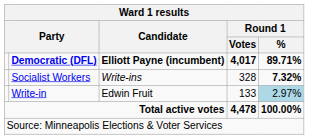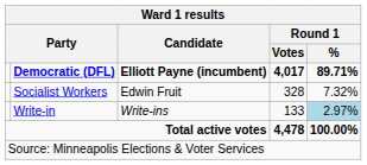 <table class="wikitable">
 <tr>
 <th colspan="5">Ward 1 results</th>
 </tr>
 <tr>
 <th rowspan="2" colspan="2">Party</th>
 <th rowspan="2">Candidate</th>
 <th colspan="2">Round 1</th>
 </tr>
 <tr>
 <th>Votes</th>
 <th>%</th>
 </tr>
 <tr>
 <td style="background-color:"></td>
 <td><strong><a href='#'>Democratic (DFL)</a></strong></td>
 <td><strong>Elliott Payne (incumbent)</strong></td>
 <td align="right"><strong>4,017</strong></td>
 <td align="right"><strong>89.71%</strong></td>
 </tr>
 <tr>
 <td style="background-color:"></td>
 <td><a href='#'>Socialist Workers</a></td>
-<td><em>Write-ins</em></td>
+<td>Edwin Fruit</td>
 <td align="right">328</td>
-<td align="right"><strong>7.32%</strong></td>
+<td align="right">7.32%</td>
 </tr>
 <tr>
 <td style="background-color:"></td>
 <td><a href='#'>Write-in</a></td>
-<td>Edwin Fruit</td>
+<td><em>Write-ins</em></td>
 <td align="right">133</td>
 <td align="right" style="background: lightblue;">2.97%</td>
 </tr>
 <tr align="right">
 <td colspan="3"><strong>Total active votes</strong></td>
 <td><strong>4,478</strong></td>
 <td><strong>100.00%</strong></td>
 </tr>
 <tr>
 <td colspan="7">Source: Minneapolis Elections & Voter Services</td>
 </tr>
 </table>
